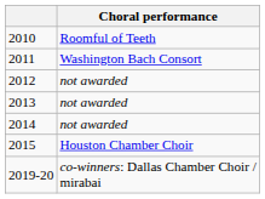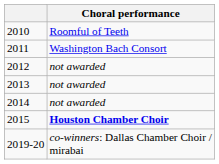 <table class="wikitable">
 <tr>
 <th></th>
 <th>Choral performance</th>
 </tr>
 <tr>
 <td>2010</td>
 <td><a href='#'>Roomful of Teeth</a></td>
 </tr>
 <tr>
 <td>2011</td>
 <td><a href='#'>Washington Bach Consort</a></td>
 </tr>
 <tr>
 <td>2012</td>
 <td><em>not awarded</em></td>
 </tr>
 <tr>
 <td>2013</td>
 <td><em>not awarded</em></td>
 </tr>
 <tr>
 <td>2014</td>
 <td><em>not awarded</em></td>
 </tr>
 <tr>
 <td>2015</td>
-<td><a href='#'>Houston Chamber Choir</a></td>
+<td><strong><a href='#'>Houston Chamber Choir</a></strong></td>
 </tr>
 <tr>
 <td>2019-20</td>
 <td><em>co-winners</em>: Dallas Chamber Choir /<br>mirabai</td>
 </tr>
 </table>
